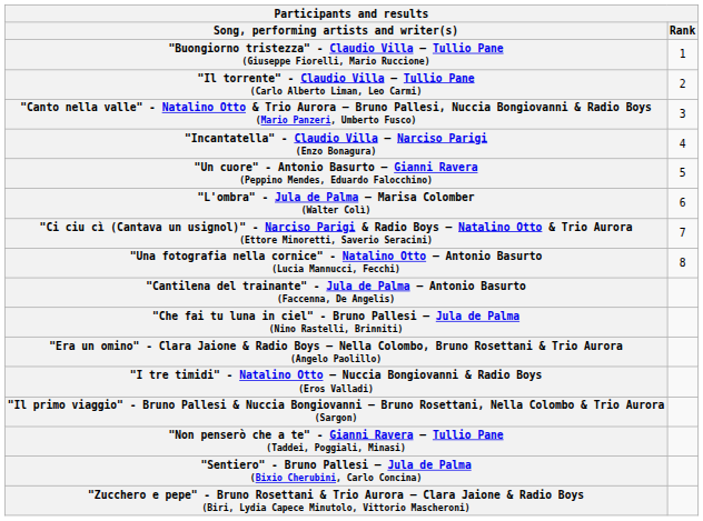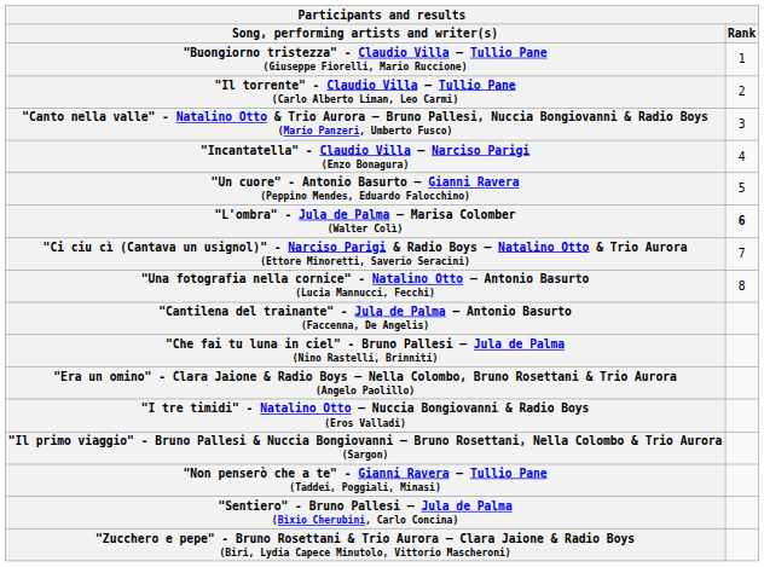 <table class="plainrowheaders wikitable">
 <tr>
 <th colspan="2">Participants and results</th>
 </tr>
 <tr>
 <th>Song, performing artists and writer(s)</th>
 <th>Rank</th>
 </tr>
 <tr>
 <th scope="row">"Buongiorno tristezza" -  <a href='#'>Claudio Villa</a> –  <a href='#'>Tullio Pane</a>    <br><small>  (Giuseppe Fiorelli, Mario Ruccione)</small></th>
 <td style="text-align:center;">1</td>
 </tr>
 <tr>
 <th scope="row">"Il torrente" -  <a href='#'>Claudio Villa</a> –  <a href='#'>Tullio Pane</a>    <br><small>  (Carlo Alberto Liman, Leo Carmi)</small></th>
 <td style="text-align:center;">2</td>
 </tr>
 <tr>
 <th scope="row">"Canto nella valle" -  <a href='#'>Natalino Otto</a> & Trio Aurora –  Bruno Pallesi, Nuccia Bongiovanni & Radio Boys    <br><small>  (<a href='#'>Mario Panzeri</a>, Umberto Fusco)</small></th>
 <td style="text-align:center;">3</td>
 </tr>
 <tr>
 <th scope="row">"Incantatella" -  <a href='#'>Claudio Villa</a> –  <a href='#'>Narciso Parigi</a>    <br><small>  (Enzo Bonagura)</small></th>
 <td style="text-align:center;">4</td>
 </tr>
 <tr>
 <th scope="row">"Un cuore" -  Antonio Basurto –  <a href='#'>Gianni Ravera</a>    <br><small>  (Peppino Mendes, Eduardo Falocchino)</small></th>
 <td style="text-align:center;">5</td>
 </tr>
 <tr>
 <th scope="row">"L'ombra" -  <a href='#'>Jula de Palma</a> –  Marisa Colomber    <br><small>  (Walter Colì)</small></th>
-<td style="text-align:center;">6</td>
+<td style="text-align:center;"><strong>6</strong></td>
 </tr>
 <tr>
 <th scope="row">"Ci ciu cì (Cantava un usignol)" -  <a href='#'>Narciso Parigi</a> & Radio Boys –  <a href='#'>Natalino Otto</a> & Trio Aurora    <br><small>  (Ettore Minoretti, Saverio Seracini)</small></th>
 <td style="text-align:center;">7</td>
 </tr>
 <tr>
 <th scope="row">"Una fotografia nella cornice" -  <a href='#'>Natalino Otto</a> –  Antonio Basurto    <br><small>  (Lucia Mannucci, Fecchi)</small></th>
 <td style="text-align:center;">8</td>
 </tr>
 <tr>
 <th scope="row">"Cantilena del trainante" - <a href='#'>Jula de Palma</a> – Antonio Basurto <br><small>  	(Faccenna, De Angelis)</small></th>
 <td></td>
 </tr>
 <tr>
 <th scope="row">"Che fai tu luna in ciel" - Bruno Pallesi – <a href='#'>Jula de Palma</a> <br><small>  	(Nino Rastelli, Brinniti)</small></th>
 <td></td>
 </tr>
 <tr>
 <th scope="row">"Era un omino" - Clara Jaione & Radio Boys – Nella Colombo, Bruno Rosettani & Trio Aurora <br><small>  	(Angelo Paolillo)</small></th>
 <td></td>
 </tr>
 <tr>
 <th scope="row">"I tre timidi" - <a href='#'>Natalino Otto</a> – Nuccia Bongiovanni & Radio Boys <br><small>  	(Eros Valladi)</small></th>
 <td></td>
 </tr>
 <tr>
 <th scope="row">"Il primo viaggio" - Bruno Pallesi & Nuccia Bongiovanni – Bruno Rosettani, Nella Colombo & Trio Aurora <br><small>  	(Sargon)</small></th>
 <td></td>
 </tr>
 <tr>
 <th scope="row">"Non penserò che a te" - <a href='#'>Gianni Ravera</a> – <a href='#'>Tullio Pane</a> <br><small>  	(Taddei, Poggiali, Minasi)</small></th>
 <td></td>
 </tr>
 <tr>
 <th scope="row">"Sentiero" - Bruno Pallesi – <a href='#'>Jula de Palma</a> <br><small>  	(<a href='#'>Bixio Cherubini</a>, Carlo Concina)</small></th>
 <td></td>
 </tr>
 <tr>
 <th scope="row">"Zucchero e pepe" - Bruno Rosettani & Trio Aurora – Clara Jaione & Radio Boys <br><small>  	(Biri, Lydia Capece Minutolo, Vittorio Mascheroni)</small></th>
 <td></td>
 </tr>
 </table>
